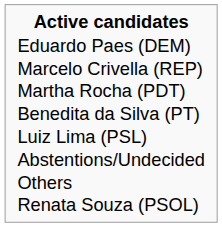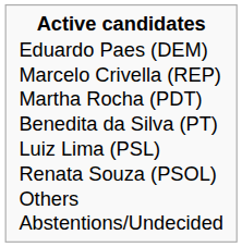 <table style="float; margin-left: 1em; margin-bottom: 0.5em" class="infobox">
 <tr>
 <td style="text-align: center"><span><strong>Active candidates</strong></span></td>
 </tr>
 <tr>
 <td style="padding: 0 5px;"> Eduardo Paes (DEM)</td>
 </tr>
 <tr>
 <td style="padding: 0 5px;"> Marcelo Crivella (REP)</td>
 </tr>
 <tr>
 <td style="padding: 0 5px;"> Martha Rocha (PDT)</td>
 </tr>
 <tr>
 <td style="padding: 0 5px;"> Benedita da Silva (PT)</td>
 </tr>
 <tr>
 <td style="padding: 0 5px;"> Luiz Lima (PSL)</td>
 </tr>
 <tr>
-<td style="padding: 0 5px;"> Abstentions/Undecided</td>
+<td style="padding: 0 5px;"> Renata Souza (PSOL)</td>
 </tr>
 <tr>
 <td style="padding: 0 5px;"> Others</td>
 </tr>
 <tr>
-<td style="padding: 0 5px;"> Renata Souza (PSOL)</td>
+<td style="padding: 0 5px;"> Abstentions/Undecided</td>
 </tr>
 </table>
